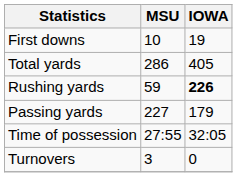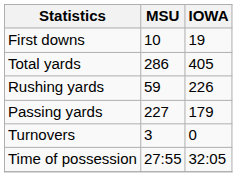 <table class="wikitable">
 <tr>
 <th>Statistics</th>
 <th>MSU</th>
 <th>IOWA</th>
 </tr>
 <tr>
 <td>First downs</td>
 <td>10</td>
 <td>19</td>
 </tr>
 <tr>
 <td>Total yards</td>
 <td>286</td>
 <td>405</td>
 </tr>
 <tr>
 <td>Rushing yards</td>
 <td>59</td>
-<td><strong>226</strong></td>
+<td>226</td>
 </tr>
 <tr>
 <td>Passing yards</td>
 <td>227</td>
 <td>179</td>
 </tr>
 <tr>
+<td>Turnovers</td>
+<td>3</td>
+<td>0</td>
+</tr>
+<tr>
 <td>Time of possession</td>
 <td>27:55</td>
 <td>32:05</td>
 </tr>
 <tr>
-<td>Turnovers</td>
-<td>3</td>
-<td>0</td>
-</tr>
-<tr>
 </tr>
 </table>
